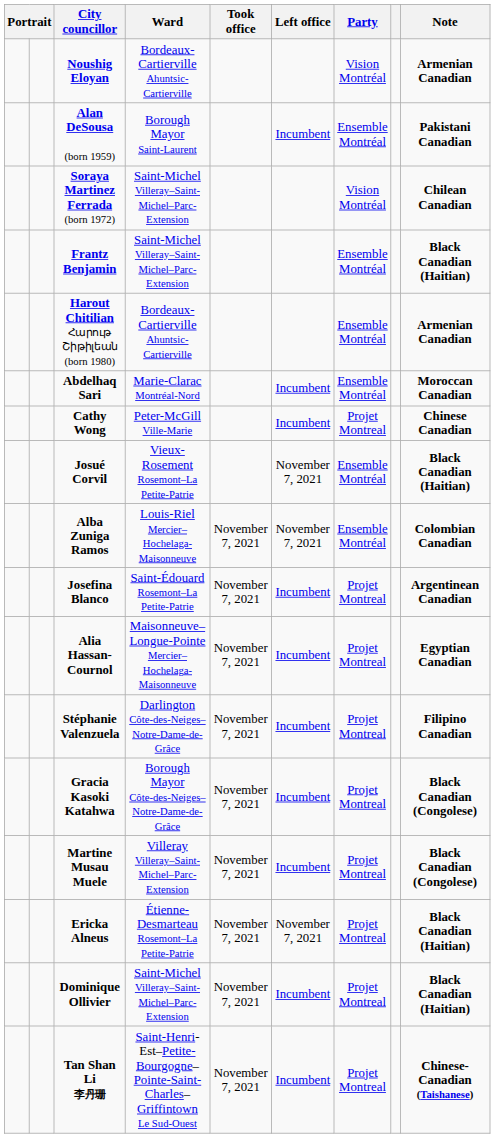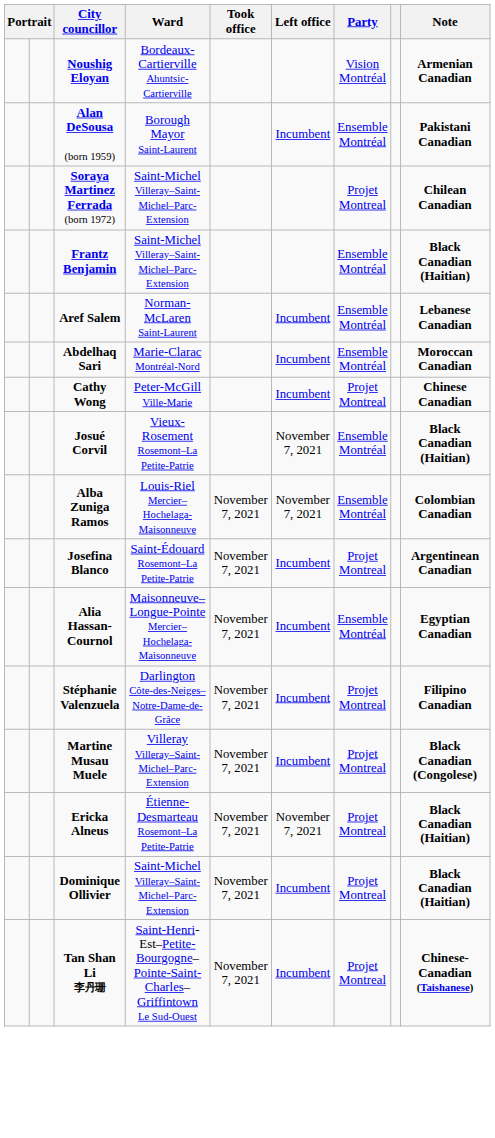 <table class="wikitable sortable plainrowheaders" style="text-align: center;">
 <tr>
 <th colspan="2" class=unsortable>Portrait</th>
 <th colspan="1" class=unsortable width=150px><a href='#'>City councillor</a></th>
 <th scope="col" width=150px>Ward</th>
 <th scope="col" width=100px>Took office</th>
 <th scope="col" width=100px>Left office</th>
 <th scope="col" width=70px><a href='#'>Party</a></th>
 <th scope="col" class=unsortable width=55px></th>
 <th scope="col" class=unsortable width=350px>Note</th>
 </tr>
 <tr>
 <td rowspan="1" style="background:"></td>
 <td rowspan="1"></td>
 <td rowspan="1"><strong><a href='#'>Noushig Eloyan</a></strong></td>
 <td rowspan="1"><a href='#'>Bordeaux-Cartierville</a><br><small><a href='#'>Ahuntsic-Cartierville</a></small></td>
 <td rowspan="1"></td>
 <td rowspan="1"></td>
 <td rowspan="1"><a href='#'>Vision Montréal</a></td>
 <td rowspan="1"></td>
 <td rowspan="1"><strong>Armenian Canadian</strong></td>
 </tr>
 <tr>
 <td rowspan="1" style="background:"></td>
 <td rowspan="1"></td>
 <td rowspan="1"><strong><a href='#'>Alan DeSousa</a></strong><br><small></small><br><small>(born 1959)</small></td>
 <td rowspan="1"><a href='#'>Borough Mayor</a><br><small><a href='#'>Saint-Laurent</a></small></td>
 <td rowspan="1"></td>
 <td rowspan="1"><a href='#'>Incumbent</a></td>
 <td rowspan="1"><a href='#'>Ensemble Montréal</a></td>
 <td rowspan="1"></td>
 <td rowspan="1"><strong>Pakistani Canadian</strong></td>
 </tr>
 <tr>
 <td rowspan="1" style="background:"></td>
 <td rowspan="1"></td>
 <td rowspan="1"><strong><a href='#'>Soraya Martinez Ferrada</a></strong><br><small>(born 1972)</small></td>
 <td rowspan="1"><a href='#'>Saint-Michel</a><br><small><a href='#'>Villeray–Saint-Michel–Parc-Extension</a></small></td>
 <td rowspan="1"></td>
 <td rowspan="1"></td>
-<td rowspan="1"><a href='#'>Vision Montréal</a></td>
+<td rowspan="1"><a href='#'>Projet Montreal</a></td>
 <td rowspan="1"></td>
 <td rowspan="1"><strong>Chilean Canadian</strong></td>
 </tr>
 <tr>
 <td rowspan="1" style="background:"></td>
 <td rowspan="1"></td>
 <td rowspan="1"><strong><a href='#'>Frantz Benjamin</a></strong></td>
 <td rowspan="1"><a href='#'>Saint-Michel</a><br><small><a href='#'>Villeray–Saint-Michel–Parc-Extension</a></small></td>
 <td rowspan="1"></td>
 <td rowspan="1"></td>
 <td rowspan="1"><a href='#'>Ensemble Montréal</a></td>
 <td rowspan="1"></td>
 <td rowspan="1"><strong>Black Canadian (Haitian)</strong></td>
 </tr>
 <tr>
 <td rowspan="1" style="background:"></td>
 <td rowspan="1"></td>
-<td rowspan="1"><strong><a href='#'>Harout Chitilian</a></strong><br><small>Հարութ Շիթիլեան</small><br><small>(born 1980)</small></td>
-<td rowspan="1"><a href='#'>Bordeaux-Cartierville</a><br><small><a href='#'>Ahuntsic-Cartierville</a></small></td>
+<td rowspan="1"><strong>Aref Salem</strong></td>
+<td rowspan="1"><a href='#'>Norman-McLaren</a><br><small><a href='#'>Saint-Laurent</a></small></td>
 <td rowspan="1"></td>
-<td rowspan="1"></td>
+<td rowspan="1"><a href='#'>Incumbent</a></td>
 <td rowspan="1"><a href='#'>Ensemble Montréal</a></td>
 <td rowspan="1"></td>
-<td rowspan="1"><strong>Armenian Canadian</strong></td>
+<td rowspan="1"><strong>Lebanese Canadian</strong></td>
 </tr>
 <tr>
 <td rowspan="1" style="background:"></td>
 <td rowspan="1"></td>
 <td rowspan="1"><strong>Abdelhaq Sari</strong></td>
 <td rowspan="1"><a href='#'>Marie-Clarac</a><br><small><a href='#'>Montréal-Nord</a></small></td>
 <td rowspan="1"></td>
 <td rowspan="1"><a href='#'>Incumbent</a></td>
 <td rowspan="1"><a href='#'>Ensemble Montréal</a></td>
 <td rowspan="1"></td>
 <td rowspan="1"><strong>Moroccan Canadian</strong></td>
 </tr>
 <tr>
 <td rowspan="1" style="background:"></td>
 <td rowspan="1"></td>
 <td rowspan="1"><strong>Cathy Wong</strong></td>
 <td rowspan="1"><a href='#'>Peter-McGill</a><br><small><a href='#'>Ville-Marie</a></small></td>
 <td rowspan="1"></td>
 <td rowspan="1"><a href='#'>Incumbent</a></td>
 <td rowspan="1"><a href='#'>Projet Montreal</a></td>
 <td rowspan="1"></td>
 <td rowspan="1"><strong>Chinese Canadian</strong></td>
 </tr>
 <tr>
 <td rowspan="1" style="background:"></td>
 <td rowspan="1"></td>
 <td rowspan="1"><strong>Josué Corvil</strong></td>
 <td rowspan="1"><a href='#'>Vieux-Rosement<br><small>Rosemont–La Petite-Patrie</small></a></td>
 <td rowspan="1"></td>
 <td rowspan="1">November 7, 2021</td>
 <td rowspan="1"><a href='#'>Ensemble Montréal</a></td>
 <td rowspan="1"></td>
 <td rowspan="1"><strong>Black Canadian (Haitian)</strong></td>
 </tr>
 <tr>
 <td rowspan="1" style="background:"></td>
 <td rowspan="1"></td>
 <td rowspan="1"><strong>Alba Zuniga Ramos</strong></td>
 <td rowspan="1"><a href='#'>Louis-Riel<br><small>Mercier–Hochelaga-Maisonneuve</small></a></td>
 <td>November 7, 2021</td>
 <td rowspan="1">November 7, 2021</td>
 <td rowspan="1"><a href='#'>Ensemble Montréal</a></td>
 <td></td>
 <td rowspan="1"><strong>Colombian Canadian</strong></td>
 </tr>
 <tr>
 <td rowspan="1" style="background:"></td>
 <td rowspan="1"></td>
 <td><strong>Josefina Blanco</strong></td>
 <td rowspan="1"><a href='#'>Saint-Édouard<br><small>Rosemont–La Petite-Patrie</small></a></td>
 <td>November 7, 2021</td>
 <td rowspan="1"><a href='#'>Incumbent</a></td>
 <td rowspan="1"><a href='#'>Projet Montreal</a></td>
 <td></td>
 <td rowspan="1"><strong>Argentinean Canadian</strong></td>
 </tr>
 <tr>
 <td rowspan="1" style="background:"></td>
 <td rowspan="1"></td>
 <td><strong>Alia Hassan-Cournol</strong></td>
 <td rowspan="1"><a href='#'>Maisonneuve–Longue-Pointe<br><small>Mercier–Hochelaga-Maisonneuve</small></a></td>
 <td>November 7, 2021</td>
 <td rowspan="1"><a href='#'>Incumbent</a></td>
-<td rowspan="1"><a href='#'>Projet Montreal</a></td>
+<td rowspan="1"><a href='#'>Ensemble Montréal</a></td>
 <td></td>
 <td rowspan="1"><strong>Egyptian Canadian</strong></td>
 </tr>
 <tr>
 <td rowspan="1" style="background:"></td>
 <td rowspan="1"></td>
 <td><strong>Stéphanie Valenzuela</strong></td>
 <td rowspan="1"><a href='#'>Darlington<br><small>Côte-des-Neiges–Notre-Dame-de-Grâce</small></a></td>
 <td>November 7, 2021</td>
 <td rowspan="1"><a href='#'>Incumbent</a></td>
 <td rowspan="1"><a href='#'>Projet Montreal</a></td>
 <td></td>
 <td><strong>Filipino Canadian</strong></td>
-</tr>
-<tr>
-<td rowspan="1" style="background:"></td>
-<td rowspan="1"></td>
-<td><strong>Gracia Kasoki Katahwa</strong></td>
-<td rowspan="1"><a href='#'>Borough Mayor<br><small>Côte-des-Neiges–Notre-Dame-de-Grâce</small></a></td>
-<td>November 7, 2021</td>
-<td rowspan="1"><a href='#'>Incumbent</a></td>
-<td rowspan="1"><a href='#'>Projet Montreal</a></td>
-<td></td>
-<td rowspan="1"><strong>Black Canadian (Congolese)</strong></td>
 </tr>
 <tr>
 <td rowspan="1" style="background:"></td>
 <td rowspan="1"></td>
 <td><strong>Martine Musau Muele</strong></td>
 <td rowspan="1"><a href='#'>Villeray<br><small>Villeray–Saint-Michel–Parc-Extension</small></a></td>
 <td>November 7, 2021</td>
 <td rowspan="1"><a href='#'>Incumbent</a></td>
 <td rowspan="1"><a href='#'>Projet Montreal</a></td>
 <td></td>
 <td rowspan="1"><strong>Black Canadian (Congolese)</strong></td>
 </tr>
 <tr>
 <td rowspan="1" style="background:"></td>
 <td rowspan="1"></td>
 <td><strong>Ericka Alneus</strong></td>
 <td rowspan="1"><a href='#'>Étienne-Desmarteau<br><small>Rosemont–La Petite-Patrie</small></a></td>
 <td>November 7, 2021</td>
 <td rowspan="1">November 7, 2021</td>
 <td rowspan="1"><a href='#'>Projet Montreal</a></td>
 <td></td>
 <td rowspan="1"><strong>Black Canadian (Haitian)</strong></td>
 </tr>
 <tr>
 <td rowspan="1" style="background:"></td>
 <td rowspan="1"></td>
 <td><strong>Dominique Ollivier</strong></td>
 <td rowspan="1"><a href='#'>Saint-Michel</a><br><small><a href='#'>Villeray–Saint-Michel–Parc-Extension</a></small></td>
 <td>November 7, 2021</td>
 <td rowspan="1"><a href='#'>Incumbent</a></td>
 <td rowspan="1"><a href='#'>Projet Montreal</a></td>
 <td></td>
 <td rowspan="1"><strong>Black Canadian (Haitian)</strong></td>
 </tr>
 <tr>
 <td rowspan="1" style="background:"></td>
 <td rowspan="1"></td>
 <td><strong>Tan Shan Li <br><small>李丹珊</small></strong></td>
 <td rowspan="1"><a href='#'>Saint-Henri</a>-Est–<a href='#'>Petite-Bourgogne</a>–<a href='#'>Pointe-Saint-Charles</a>–<a href='#'>Griffintown</a><br><small><a href='#'>Le Sud-Ouest</a></small></td>
 <td>November 7, 2021</td>
 <td rowspan="1"><a href='#'>Incumbent</a></td>
 <td rowspan="1"><a href='#'>Projet Montreal</a></td>
 <td></td>
 <td rowspan="1"><strong>Chinese-Canadian <br><small>(<a href='#'>Taishanese</a>)</small></strong></td>
 </tr>
 </table>
